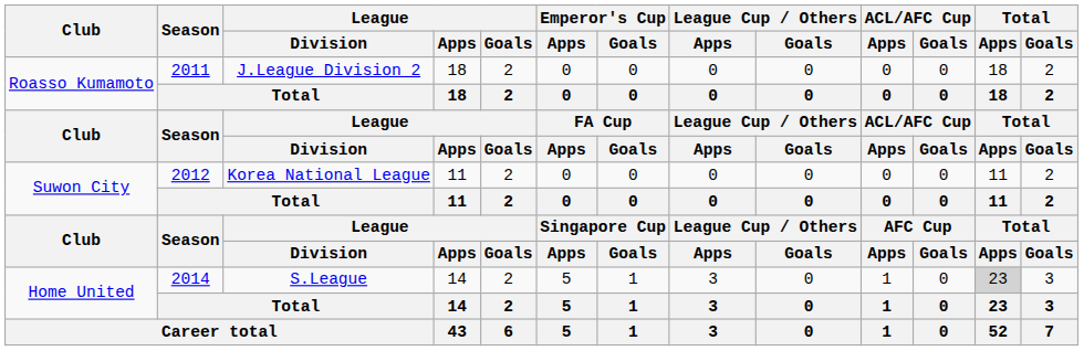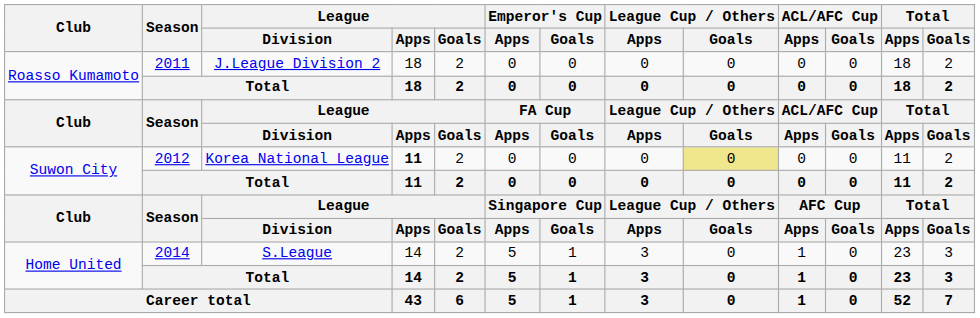 <table class="wikitable" style="text-align: center">
 <tr>
 <th rowspan="2">Club</th>
 <th rowspan="2">Season</th>
 <th colspan="3">League</th>
 <th colspan="2">Emperor's Cup</th>
 <th colspan="2">League Cup / Others</th>
 <th colspan="2">ACL/AFC Cup</th>
 <th colspan="2">Total</th>
 </tr>
 <tr>
 <th>Division</th>
 <th>Apps</th>
 <th>Goals</th>
 <th>Apps</th>
 <th>Goals</th>
 <th>Apps</th>
 <th>Goals</th>
 <th>Apps</th>
 <th>Goals</th>
 <th>Apps</th>
 <th>Goals</th>
 </tr>
 <tr>
 <td rowspan="2"><a href='#'>Roasso Kumamoto</a></td>
 <td><a href='#'>2011</a></td>
 <td><a href='#'>J.League Division 2</a></td>
 <td>18</td>
 <td>2</td>
 <td>0</td>
 <td>0</td>
 <td>0</td>
 <td>0</td>
 <td>0</td>
 <td>0</td>
 <td>18</td>
 <td>2</td>
 </tr>
 <tr>
 <th colspan="2">Total</th>
 <th>18</th>
 <th>2</th>
 <th>0</th>
 <th>0</th>
 <th>0</th>
 <th>0</th>
 <th>0</th>
 <th>0</th>
 <th>18</th>
 <th>2</th>
 </tr>
 <tr>
 <th rowspan="2">Club</th>
 <th rowspan="2">Season</th>
 <th colspan="3">League</th>
 <th colspan="2">FA Cup</th>
 <th colspan="2">League Cup / Others</th>
 <th colspan="2">ACL/AFC Cup</th>
 <th colspan="2">Total</th>
 </tr>
 <tr>
 <th>Division</th>
 <th>Apps</th>
 <th>Goals</th>
 <th>Apps</th>
 <th>Goals</th>
 <th>Apps</th>
 <th>Goals</th>
 <th>Apps</th>
 <th>Goals</th>
 <th>Apps</th>
 <th>Goals</th>
 </tr>
 <tr>
 <td rowspan="2"><a href='#'>Suwon City</a></td>
 <td><a href='#'>2012</a></td>
 <td><a href='#'>Korea National League</a></td>
-<td>11</td>
+<td><strong>11</strong></td>
 <td>2</td>
 <td>0</td>
 <td>0</td>
 <td>0</td>
-<td>0</td>
+<td style="background: khaki;">0</td>
 <td>0</td>
 <td>0</td>
 <td>11</td>
 <td>2</td>
 </tr>
 <tr>
 <th colspan="2">Total</th>
 <th>11</th>
 <th>2</th>
 <th>0</th>
 <th>0</th>
 <th>0</th>
 <th>0</th>
 <th>0</th>
 <th>0</th>
 <th>11</th>
 <th>2</th>
 </tr>
 <tr>
 <th rowspan="2">Club</th>
 <th rowspan="2">Season</th>
 <th colspan="3">League</th>
 <th colspan="2">Singapore Cup</th>
 <th colspan="2">League Cup / Others</th>
 <th colspan="2">AFC Cup</th>
 <th colspan="2">Total</th>
 </tr>
 <tr>
 <th>Division</th>
 <th>Apps</th>
 <th>Goals</th>
 <th>Apps</th>
 <th>Goals</th>
 <th>Apps</th>
 <th>Goals</th>
 <th>Apps</th>
 <th>Goals</th>
 <th>Apps</th>
 <th>Goals</th>
 </tr>
 <tr>
 <td rowspan="2"><a href='#'>Home United</a></td>
 <td><a href='#'>2014</a></td>
 <td><a href='#'>S.League</a></td>
 <td>14</td>
 <td>2</td>
 <td>5</td>
 <td>1</td>
 <td>3</td>
 <td>0</td>
 <td>1</td>
 <td>0</td>
-<td style="background: lightgrey;">23</td>
+<td>23</td>
 <td>3</td>
 </tr>
 <tr>
 <th colspan="2">Total</th>
 <th>14</th>
 <th>2</th>
 <th>5</th>
 <th>1</th>
 <th>3</th>
 <th>0</th>
 <th>1</th>
 <th>0</th>
 <th>23</th>
 <th>3</th>
 </tr>
 <tr>
 <th colspan="3">Career total</th>
 <th>43</th>
 <th>6</th>
 <th>5</th>
 <th>1</th>
 <th>3</th>
 <th>0</th>
 <th>1</th>
 <th>0</th>
 <th>52</th>
 <th>7</th>
 </tr>
 </table>
